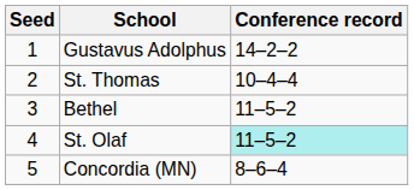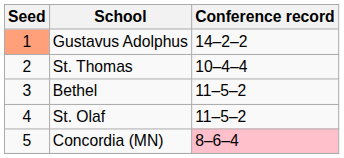 <table class="wikitable">
 <tr>
 <th>Seed</th>
 <th>School</th>
 <th>Conference record</th>
 </tr>
 <tr>
-<td align=center>1</td>
+<td align=center style="background: lightsalmon;">1</td>
 <td>Gustavus Adolphus</td>
 <td>14–2–2</td>
 </tr>
 <tr>
 <td align=center>2</td>
 <td>St. Thomas</td>
 <td>10–4–4</td>
 </tr>
 <tr>
 <td align=center>3</td>
 <td>Bethel</td>
 <td>11–5–2</td>
 </tr>
 <tr>
 <td align=center>4</td>
 <td>St. Olaf</td>
-<td style="background: paleturquoise;">11–5–2</td>
+<td>11–5–2</td>
 </tr>
 <tr>
 <td align=center>5</td>
 <td>Concordia (MN)</td>
-<td>8–6–4</td>
+<td style="background: pink;">8–6–4</td>
 </tr>
 <tr>
 </tr>
 </table>
